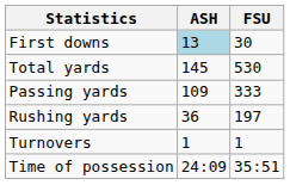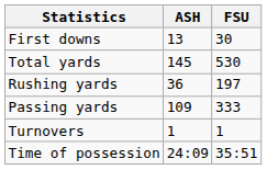 <table class="wikitable">
 <tr>
 <th>Statistics</th>
 <th>ASH</th>
 <th>FSU</th>
 </tr>
 <tr>
 <td>First downs</td>
-<td style="background: lightblue;">13</td>
+<td>13</td>
 <td>30</td>
 </tr>
 <tr>
 <td>Total yards</td>
 <td>145</td>
 <td>530</td>
 </tr>
 <tr>
+<td>Rushing yards</td>
+<td>36</td>
+<td>197</td>
+</tr>
+<tr>
 <td>Passing yards</td>
 <td>109</td>
 <td>333</td>
-</tr>
-<tr>
-<td>Rushing yards</td>
-<td>36</td>
-<td>197</td>
 </tr>
 <tr>
 <td>Turnovers</td>
 <td>1</td>
 <td>1</td>
 </tr>
 <tr>
 <td>Time of possession</td>
 <td>24:09</td>
 <td>35:51</td>
 </tr>
 <tr>
 </tr>
 </table>
